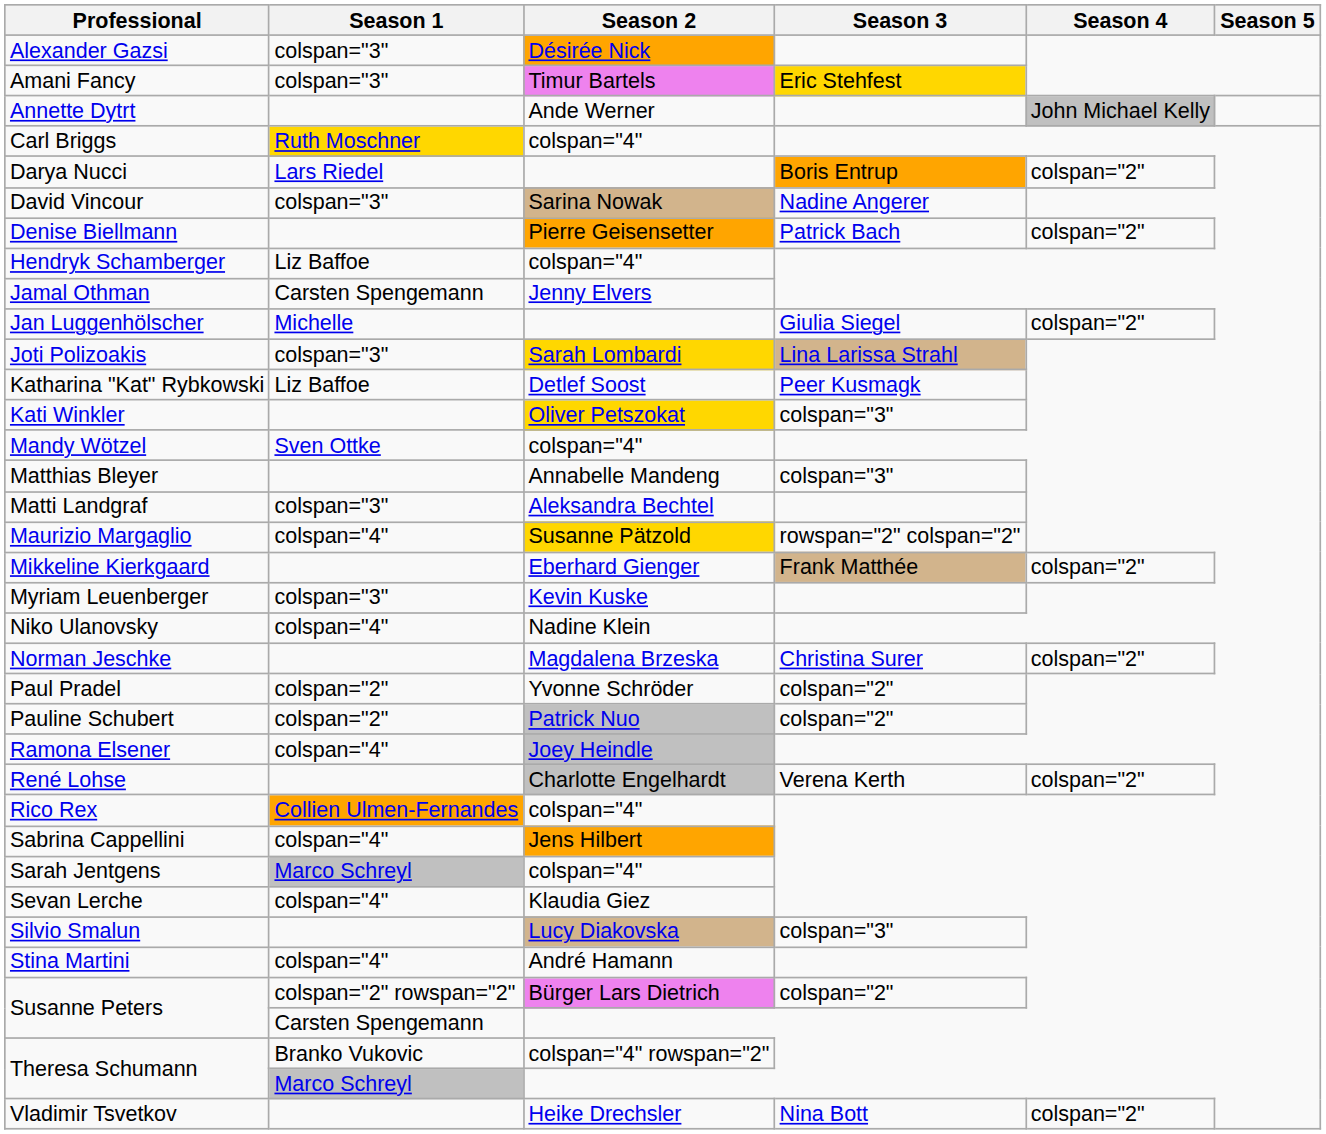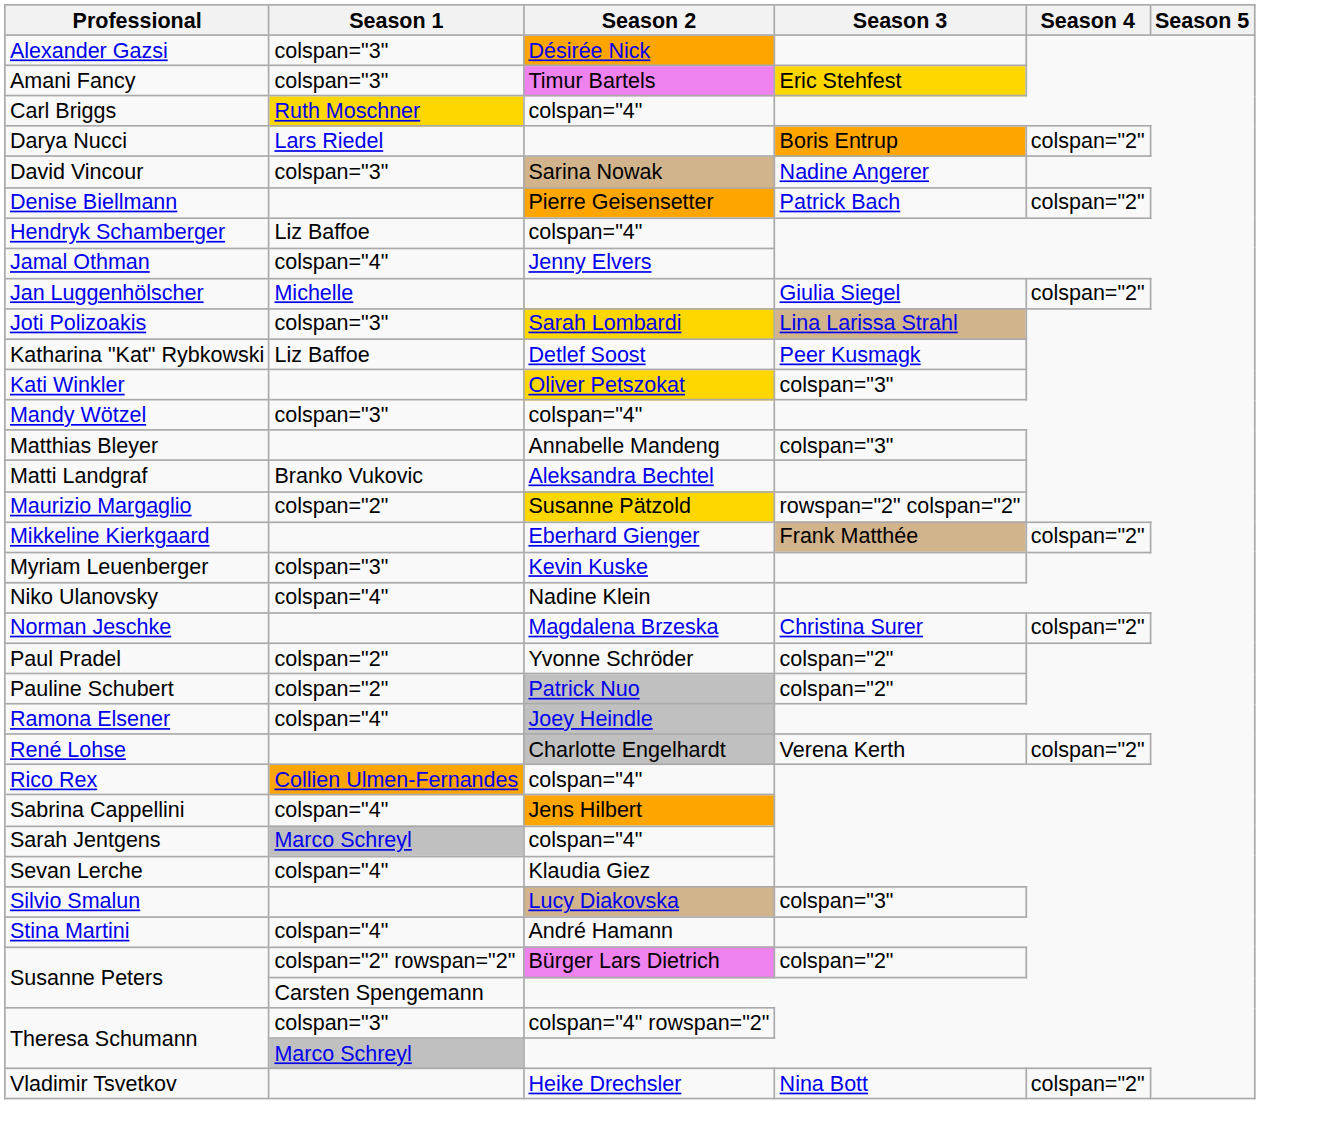 <table class="wikitable collapsible collapsed" style="margin:left; font-size:80%; line-height:12px;">
 <tr>
 <th>Professional</th>
 <th>Season 1</th>
 <th>Season 2</th>
 <th>Season 3</th>
 <th>Season 4</th>
 <th>Season 5</th>
 </tr>
 <tr>
 <td><a href='#'>Alexander Gazsi</a></td>
 <td>colspan="3" </td>
 <td style="background: orange;"><a href='#'>Désirée Nick</a></td>
 <td></td>
 </tr>
 <tr>
 <td>Amani Fancy</td>
 <td>colspan="3" </td>
 <td style="background: violet;">Timur Bartels</td>
 <td style="background: gold;">Eric Stehfest</td>
-</tr>
-<tr>
-<td><a href='#'>Annette Dytrt</a></td>
-<td></td>
-<td>Ande Werner</td>
-<td></td>
-<td style="background: silver;">John Michael Kelly</td>
-<td></td>
 </tr>
 <tr>
 <td>Carl Briggs</td>
 <td style="background: gold;"><a href='#'>Ruth Moschner</a></td>
 <td>colspan="4" </td>
 </tr>
 <tr>
 <td>Darya Nucci</td>
 <td><a href='#'>Lars Riedel</a></td>
 <td></td>
 <td style="background: orange;">Boris Entrup</td>
 <td>colspan="2" </td>
 </tr>
 <tr>
 <td>David Vincour</td>
 <td>colspan="3" </td>
 <td style="background: tan;">Sarina Nowak</td>
 <td><a href='#'>Nadine Angerer</a></td>
 </tr>
 <tr>
 <td><a href='#'>Denise Biellmann</a></td>
 <td></td>
 <td style="background: orange;">Pierre Geisensetter</td>
 <td><a href='#'>Patrick Bach</a></td>
 <td>colspan="2" </td>
 </tr>
 <tr>
 <td><a href='#'>Hendryk Schamberger</a></td>
 <td>Liz Baffoe</td>
 <td>colspan="4" </td>
 </tr>
 <tr>
 <td><a href='#'>Jamal Othman</a></td>
-<td>Carsten Spengemann</td>
+<td>colspan="4" </td>
 <td><a href='#'>Jenny Elvers</a></td>
 </tr>
 <tr>
 <td><a href='#'>Jan Luggenhölscher</a></td>
 <td><a href='#'>Michelle</a></td>
 <td></td>
 <td><a href='#'>Giulia Siegel</a></td>
 <td>colspan="2" </td>
 </tr>
 <tr>
 <td><a href='#'>Joti Polizoakis</a></td>
 <td>colspan="3" </td>
 <td style="background: gold;"><a href='#'>Sarah Lombardi</a></td>
 <td style="background: tan;"><a href='#'>Lina Larissa Strahl</a></td>
 </tr>
 <tr>
 <td>Katharina "Kat" Rybkowski</td>
 <td>Liz Baffoe</td>
 <td><a href='#'>Detlef Soost</a></td>
 <td><a href='#'>Peer Kusmagk</a></td>
 </tr>
 <tr>
 <td><a href='#'>Kati Winkler</a></td>
 <td></td>
 <td style="background: gold;"><a href='#'>Oliver Petszokat</a></td>
 <td>colspan="3" </td>
 </tr>
 <tr>
 <td><a href='#'>Mandy Wötzel</a></td>
-<td><a href='#'>Sven Ottke</a></td>
+<td>colspan="3" </td>
 <td>colspan="4" </td>
 </tr>
 <tr>
 <td>Matthias Bleyer</td>
 <td></td>
 <td>Annabelle Mandeng</td>
 <td>colspan="3" </td>
 </tr>
 <tr>
 <td>Matti Landgraf</td>
-<td>colspan="3" </td>
+<td>Branko Vukovic</td>
 <td><a href='#'>Aleksandra Bechtel</a></td>
 <td></td>
 </tr>
 <tr>
 <td><a href='#'>Maurizio Margaglio</a></td>
-<td>colspan="4" </td>
+<td>colspan="2" </td>
 <td style="background: gold;">Susanne Pätzold</td>
 <td>rowspan="2" colspan="2" </td>
 </tr>
 <tr>
 <td><a href='#'>Mikkeline Kierkgaard</a></td>
 <td></td>
 <td><a href='#'>Eberhard Gienger</a></td>
 <td style="background: tan;">Frank Matthée</td>
 <td>colspan="2" </td>
 </tr>
 <tr>
 <td>Myriam Leuenberger</td>
 <td>colspan="3" </td>
 <td><a href='#'>Kevin Kuske</a></td>
 <td></td>
 </tr>
 <tr>
 <td>Niko Ulanovsky</td>
 <td>colspan="4" </td>
 <td>Nadine Klein</td>
 </tr>
 <tr>
 <td><a href='#'>Norman Jeschke</a></td>
 <td></td>
 <td><a href='#'>Magdalena Brzeska</a></td>
 <td><a href='#'>Christina Surer</a></td>
 <td>colspan="2" </td>
 </tr>
 <tr>
 <td>Paul Pradel</td>
 <td>colspan="2" </td>
 <td>Yvonne Schröder</td>
 <td>colspan="2" </td>
 </tr>
 <tr>
 <td>Pauline Schubert</td>
 <td>colspan="2" </td>
 <td style="background: silver;"><a href='#'>Patrick Nuo</a></td>
 <td>colspan="2" </td>
 </tr>
 <tr>
 <td><a href='#'>Ramona Elsener</a></td>
 <td>colspan="4" </td>
 <td style="background: silver;"><a href='#'>Joey Heindle</a></td>
 </tr>
 <tr>
 <td><a href='#'>René Lohse</a></td>
 <td></td>
 <td style="background: silver;">Charlotte Engelhardt</td>
 <td>Verena Kerth</td>
 <td>colspan="2" </td>
 </tr>
 <tr>
 <td><a href='#'>Rico Rex</a></td>
 <td style="background: orange;"><a href='#'>Collien Ulmen-Fernandes</a></td>
 <td>colspan="4" </td>
 </tr>
 <tr>
 <td>Sabrina Cappellini</td>
 <td>colspan="4" </td>
 <td style="background: orange;">Jens Hilbert</td>
 </tr>
 <tr>
 <td>Sarah Jentgens</td>
 <td style="background: silver;"><a href='#'>Marco Schreyl</a></td>
 <td>colspan="4" </td>
 </tr>
 <tr>
 <td>Sevan Lerche</td>
 <td>colspan="4" </td>
 <td>Klaudia Giez</td>
 </tr>
 <tr>
 <td><a href='#'>Silvio Smalun</a></td>
 <td></td>
 <td style="background: tan;"><a href='#'>Lucy Diakovska</a></td>
 <td>colspan="3" </td>
 </tr>
 <tr>
 <td><a href='#'>Stina Martini</a></td>
 <td>colspan="4" </td>
 <td>André Hamann</td>
 </tr>
 <tr>
 <td rowspan="2">Susanne Peters</td>
 <td>colspan="2" rowspan="2" </td>
 <td style="background: violet;">Bürger Lars Dietrich</td>
 <td>colspan="2" </td>
 </tr>
 <tr>
 <td>Carsten Spengemann</td>
 </tr>
 <tr>
 <td rowspan="2">Theresa Schumann</td>
-<td>Branko Vukovic</td>
+<td>colspan="3" </td>
 <td>colspan="4" rowspan="2" </td>
 </tr>
 <tr>
 <td style="background: silver;"><a href='#'>Marco Schreyl</a></td>
 </tr>
 <tr>
 <td>Vladimir Tsvetkov</td>
 <td></td>
 <td><a href='#'>Heike Drechsler</a></td>
 <td><a href='#'>Nina Bott</a></td>
 <td>colspan="2" </td>
 </tr>
 </table>
